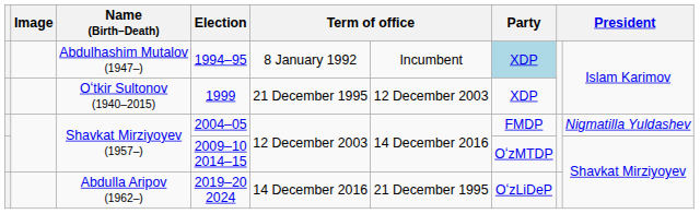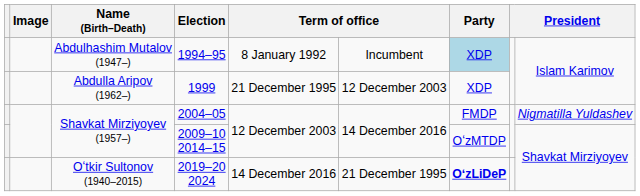 <table class="wikitable" style="text-align:center">
 <tr>
 <th></th>
 <th>Image</th>
 <th>Name<br><small>(Birth–Death)</small></th>
 <th><strong>Election</strong></th>
 <th colspan="2">Term of office</th>
 <th>Party</th>
 <th colspan=2><a href='#'>President</a></th>
 </tr>
 <tr>
 <th style="background:"></th>
 <td></td>
 <td><a href='#'>Abdulhashim Mutalov</a><br><small>(1947–)</small></td>
 <td><a href='#'>1994–95</a></td>
 <td>8 January 1992</td>
 <td>Incumbent</td>
 <td style="background: lightblue;"><a href='#'>XDP</a></td>
 <td rowspan="2" style="background:"></td>
 <td rowspan="2"><a href='#'>Islam Karimov</a><br></td>
 </tr>
 <tr>
 <th style="background:"></th>
 <td></td>
-<td><a href='#'>Oʻtkir Sultonov</a><br><small>(1940–2015)</small></td>
+<td><a href='#'>Abdulla Aripov</a><br><small>(1962–)</small></td>
 <td><a href='#'>1999</a></td>
 <td>21 December 1995</td>
 <td>12 December 2003</td>
 <td><a href='#'>XDP</a></td>
 </tr>
 <tr>
 <th style="background:"></th>
 <td rowspan="2"></td>
 <td rowspan="2"><a href='#'>Shavkat Mirziyoyev</a><br><small>(1957–)</small></td>
 <td><a href='#'>2004–05</a></td>
 <td rowspan="2">12 December 2003</td>
 <td rowspan="2">14 December 2016</td>
 <td><a href='#'>FMDP</a></td>
 <td rowspan="2" style="background:"></td>
 <td><em><a href='#'>Nigmatilla Yuldashev</a></em><br></td>
 </tr>
 <tr>
 <th style="background:"></th>
 <td><a href='#'>2009–10</a><br><a href='#'>2014–15</a></td>
 <td><a href='#'>OʻzMTDP</a></td>
 <td rowspan="2"><a href='#'>Shavkat Mirziyoyev</a><br></td>
 </tr>
 <tr>
 <th style="background:"></th>
 <td></td>
-<td><a href='#'>Abdulla Aripov</a><br><small>(1962–)</small></td>
+<td><a href='#'>Oʻtkir Sultonov</a><br><small>(1940–2015)</small></td>
 <td><a href='#'>2019–20</a><br><a href='#'>2024</a></td>
 <td>14 December 2016</td>
 <td>21 December 1995</td>
-<td><a href='#'>OʻzLiDeP</a></td>
+<td><strong><a href='#'>OʻzLiDeP</a></strong></td>
 <td style="background:"></td>
 </tr>
 </table>
